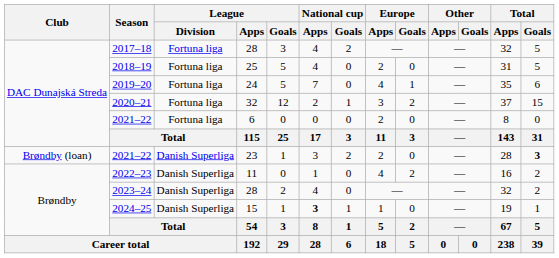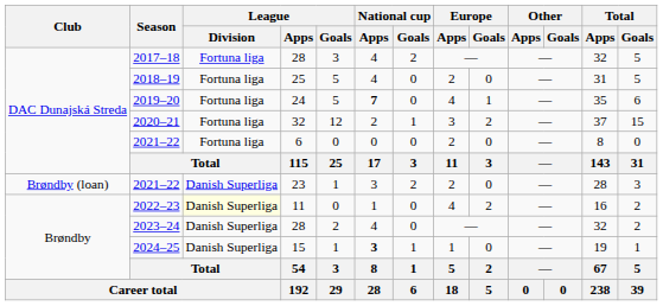 <table class="wikitable" style="text-align:center">
 <tr>
 <th rowspan="2">Club</th>
 <th rowspan="2">Season</th>
 <th colspan="3">League</th>
 <th colspan="2">National cup</th>
 <th colspan="2">Europe</th>
 <th colspan="2">Other</th>
 <th colspan="2">Total</th>
 </tr>
 <tr>
 <th>Division</th>
 <th>Apps</th>
 <th>Goals</th>
 <th>Apps</th>
 <th>Goals</th>
 <th>Apps</th>
 <th>Goals</th>
 <th>Apps</th>
 <th>Goals</th>
 <th>Apps</th>
 <th>Goals</th>
 </tr>
 <tr>
 <td rowspan="6"><a href='#'>DAC Dunajská Streda</a></td>
 <td><a href='#'>2017–18</a></td>
 <td><a href='#'>Fortuna liga</a></td>
 <td>28</td>
 <td>3</td>
 <td>4</td>
 <td>2</td>
 <td colspan="2">—</td>
 <td colspan="2">—</td>
 <td>32</td>
 <td>5</td>
 </tr>
 <tr>
 <td><a href='#'>2018–19</a></td>
 <td>Fortuna liga</td>
 <td>25</td>
 <td>5</td>
 <td>4</td>
 <td>0</td>
 <td>2</td>
 <td>0</td>
 <td colspan="2">—</td>
 <td>31</td>
 <td>5</td>
 </tr>
 <tr>
 <td><a href='#'>2019–20</a></td>
 <td>Fortuna liga</td>
 <td>24</td>
 <td>5</td>
-<td>7</td>
+<td><strong>7</strong></td>
 <td>0</td>
 <td>4</td>
 <td>1</td>
 <td colspan="2">—</td>
 <td>35</td>
 <td>6</td>
 </tr>
 <tr>
 <td><a href='#'>2020–21</a></td>
 <td>Fortuna liga</td>
 <td>32</td>
 <td>12</td>
 <td>2</td>
 <td>1</td>
 <td>3</td>
 <td>2</td>
 <td colspan="2">—</td>
 <td>37</td>
 <td>15</td>
 </tr>
 <tr>
 <td><a href='#'>2021–22</a></td>
 <td>Fortuna liga</td>
 <td>6</td>
 <td>0</td>
 <td>0</td>
 <td>0</td>
 <td>2</td>
 <td>0</td>
 <td colspan="2">—</td>
 <td>8</td>
 <td>0</td>
 </tr>
 <tr>
 <th colspan="2">Total</th>
 <th>115</th>
 <th>25</th>
 <th>17</th>
 <th>3</th>
 <th>11</th>
 <th>3</th>
 <th colspan="2">—</th>
 <th>143</th>
 <th>31</th>
 </tr>
 <tr>
 <td><a href='#'>Brøndby</a> (loan)</td>
 <td><a href='#'>2021–22</a></td>
 <td><a href='#'>Danish Superliga</a></td>
 <td>23</td>
 <td>1</td>
 <td>3</td>
 <td>2</td>
 <td>2</td>
 <td>0</td>
 <td colspan="2">—</td>
 <td>28</td>
-<td><strong>3</strong></td>
+<td>3</td>
 </tr>
 <tr>
 <td rowspan="4">Brøndby</td>
 <td><a href='#'>2022–23</a></td>
-<td>Danish Superliga</td>
+<td style="background: lightyellow;">Danish Superliga</td>
 <td>11</td>
 <td>0</td>
 <td>1</td>
 <td>0</td>
 <td>4</td>
 <td>2</td>
 <td colspan="2">—</td>
 <td>16</td>
 <td>2</td>
 </tr>
 <tr>
 <td><a href='#'>2023–24</a></td>
 <td>Danish Superliga</td>
 <td>28</td>
 <td>2</td>
 <td>4</td>
 <td>0</td>
 <td colspan="2">—</td>
 <td colspan="2">—</td>
 <td>32</td>
 <td>2</td>
 </tr>
 <tr>
 <td><a href='#'>2024–25</a></td>
 <td>Danish Superliga</td>
 <td>15</td>
 <td>1</td>
 <td><strong>3</strong></td>
 <td>1</td>
 <td>1</td>
 <td>0</td>
 <td colspan="2">—</td>
 <td>19</td>
 <td>1</td>
 </tr>
 <tr>
 <th colspan="2">Total</th>
 <th>54</th>
 <th>3</th>
 <th>8</th>
 <th>1</th>
 <th>5</th>
 <th>2</th>
 <th colspan="2">—</th>
 <th>67</th>
 <th>5</th>
 </tr>
 <tr>
 <th colspan="3">Career total</th>
 <th>192</th>
 <th>29</th>
 <th>28</th>
 <th>6</th>
 <th>18</th>
 <th>5</th>
 <th>0</th>
 <th>0</th>
 <th>238</th>
 <th>39</th>
 </tr>
 </table>
